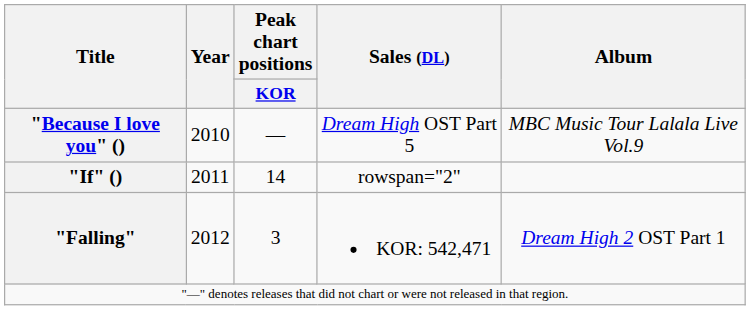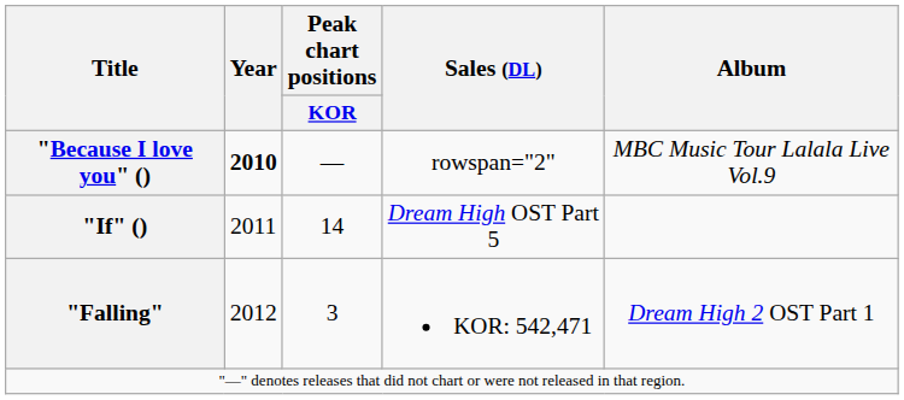 <table class="wikitable plainrowheaders" style="text-align:center;">
 <tr>
 <th scope="col" rowspan="2">Title</th>
 <th scope="col" rowspan="2">Year</th>
 <th scope="col" colspan="1">Peak chart positions</th>
 <th scope="col" rowspan="2">Sales <small>(<a href='#'>DL</a>)</small></th>
 <th scope="col" rowspan="2">Album</th>
 </tr>
 <tr>
 <th scope="col" style="width:3em;font-size:90%;"><a href='#'>KOR</a><br></th>
 </tr>
 <tr>
 <th scope="row">"<a href='#'>Because I love you</a>" ()</th>
-<td>2010</td>
+<td><strong>2010</strong></td>
 <td>—</td>
-<td><em><a href='#'>Dream High</a></em> OST Part 5</td>
+<td>rowspan="2" </td>
 <td><em>MBC Music Tour Lalala Live Vol.9</em></td>
 </tr>
 <tr>
 <th scope="row">"If" ()</th>
 <td>2011</td>
 <td>14</td>
-<td>rowspan="2" </td>
+<td><em><a href='#'>Dream High</a></em> OST Part 5</td>
 </tr>
 <tr>
 <th scope="row">"Falling"</th>
 <td>2012</td>
 <td>3</td>
 <td><br><ul><li>KOR: 542,471</li></ul></td>
 <td><em><a href='#'>Dream High 2</a></em> OST Part 1</td>
 </tr>
 <tr>
 <td colspan="5" style="font-size:8pt;">"—" denotes releases that did not chart or were not released in that region.</td>
 </tr>
 </table>
